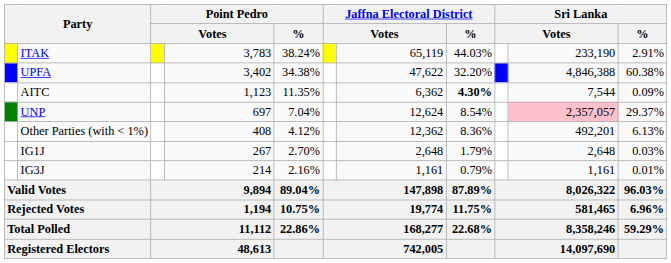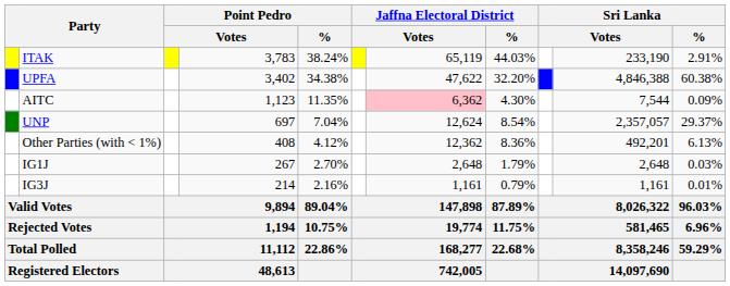 <table class="wikitable">
 <tr>
 <th colspan="2" width="144px"rowspan="2">Party</th>
 <th colspan="3" width="216px">Point Pedro</th>
 <th colspan="3" width="216px"><a href='#'>Jaffna Electoral District</a></th>
 <th colspan="3" width="216px">Sri Lanka</th>
 </tr>
 <tr>
 <th colspan="2" width="144px">Votes</th>
 <th>%</th>
 <th colspan="2" width="144px">Votes</th>
 <th>%</th>
 <th colspan="2" width="144px">Votes</th>
 <th>%</th>
 </tr>
 <tr>
 <td style="background-color:yellow;" width="10px"></td>
 <td style="text-align:left;"><a href='#'>ITAK</a></td>
 <td style="background-color:yellow;" width="10px"></td>
 <td style="text-align:right;">3,783</td>
 <td style="text-align:right;">38.24%</td>
 <td style="background-color:yellow;" width="10px"></td>
 <td style="text-align:right;">65,119</td>
 <td style="text-align:right;">44.03%</td>
 <td style="background-color:white;" width="10px"></td>
 <td style="text-align:right;">233,190</td>
 <td style="text-align:right;">2.91%</td>
 </tr>
 <tr>
 <td style="background-color:blue;" width="10px"></td>
 <td style="text-align:left;"><a href='#'>UPFA</a></td>
 <td style="background-color:white;" width="10px"></td>
 <td style="text-align:right;">3,402</td>
 <td style="text-align:right;">34.38%</td>
 <td style="background-color:white;" width="10px"></td>
 <td style="text-align:right;">47,622</td>
 <td style="text-align:right;">32.20%</td>
 <td style="background-color:blue;" width="10px"></td>
 <td style="text-align:right;">4,846,388</td>
 <td style="text-align:right;">60.38%</td>
 </tr>
 <tr>
 <td style="background-color:white;" width="10px"></td>
 <td style="text-align:left;">AITC</td>
 <td style="background-color:white;" width="10px"></td>
 <td style="text-align:right;">1,123</td>
 <td style="text-align:right;">11.35%</td>
 <td style="background-color:white;" width="10px"></td>
-<td style="text-align:right;">6,362</td>
-<td style="text-align:right;"><strong>4.30%</strong></td>
+<td style="background: pink; text-align:right;">6,362</td>
+<td style="text-align:right;">4.30%</td>
 <td style="background-color:white;" width="10px"></td>
 <td style="text-align:right;">7,544</td>
 <td style="text-align:right;">0.09%</td>
 </tr>
 <tr>
 <td style="background-color:green;" width="10px"></td>
 <td style="text-align:left;"><a href='#'>UNP</a></td>
 <td style="background-color:white;" width="10px"></td>
 <td style="text-align:right;">697</td>
 <td style="text-align:right;">7.04%</td>
 <td style="background-color:white;" width="10px"></td>
 <td style="text-align:right;">12,624</td>
 <td style="text-align:right;">8.54%</td>
 <td style="background-color:white;" width="10px"></td>
-<td style="background: pink; text-align:right;">2,357,057</td>
+<td style="text-align:right;">2,357,057</td>
 <td style="text-align:right;">29.37%</td>
 </tr>
 <tr>
 <td style="background-color:white;" width="10px"></td>
 <td style="text-align:left;">Other Parties (with < 1%)</td>
 <td style="background-color:white;" width="10px"></td>
 <td style="text-align:right;">408</td>
 <td style="text-align:right;">4.12%</td>
 <td style="background-color:white;" width="10px"></td>
 <td style="text-align:right;">12,362</td>
 <td style="text-align:right;">8.36%</td>
 <td style="background-color:white;" width="10px"></td>
 <td style="text-align:right;">492,201</td>
 <td style="text-align:right;">6.13%</td>
 </tr>
 <tr>
 <td style="background-color:white;" width="10px"></td>
 <td style="text-align:left;">IG1J</td>
 <td style="background-color:white;" width="10px"></td>
 <td style="text-align:right;">267</td>
 <td style="text-align:right;">2.70%</td>
 <td style="background-color:white;" width="10px"></td>
 <td style="text-align:right;">2,648</td>
 <td style="text-align:right;">1.79%</td>
 <td style="background-color:white;" width="10px"></td>
 <td style="text-align:right;">2,648</td>
 <td style="text-align:right;">0.03%</td>
 </tr>
 <tr>
 <td style="background-color:white;" width="10px"></td>
 <td style="text-align:left;">IG3J</td>
 <td style="background-color:white;" width="10px"></td>
 <td style="text-align:right;">214</td>
 <td style="text-align:right;">2.16%</td>
 <td style="background-color:white;" width="10px"></td>
 <td style="text-align:right;">1,161</td>
 <td style="text-align:right;">0.79%</td>
 <td style="background-color:white;" width="10px"></td>
 <td style="text-align:right;">1,161</td>
 <td style="text-align:right;">0.01%</td>
 </tr>
 <tr>
 <th colspan="2" width="144px"style="text-align:left;">Valid Votes</th>
 <th style="text-align:right;"colspan="2" width="144px">9,894</th>
 <th style="text-align:right;">89.04%</th>
 <th style="text-align:right;"colspan="2" width="144px">147,898</th>
 <th style="text-align:right;">87.89%</th>
 <th style="text-align:right;"colspan="2" width="144px">8,026,322</th>
 <th style="text-align:right;">96.03%</th>
 </tr>
 <tr>
 <th colspan="2" width="144px"style="text-align:left;">Rejected Votes</th>
 <th style="text-align:right;"colspan="2" width="144px">1,194</th>
 <th style="text-align:right;">10.75%</th>
 <th style="text-align:right;"colspan="2" width="144px">19,774</th>
 <th style="text-align:right;">11.75%</th>
 <th style="text-align:right;"colspan="2" width="144px">581,465</th>
 <th style="text-align:right;">6.96%</th>
 </tr>
 <tr>
 <th colspan="2" width="144px"style="text-align:left;">Total Polled</th>
 <th style="text-align:right;"colspan="2" width="144px">11,112</th>
 <th style="text-align:right;">22.86%</th>
 <th style="text-align:right;"colspan="2" width="144px">168,277</th>
 <th style="text-align:right;">22.68%</th>
 <th style="text-align:right;"colspan="2" width="144px">8,358,246</th>
 <th style="text-align:right;">59.29%</th>
 </tr>
 <tr>
 <th colspan="2" width="144px"style="text-align:left;">Registered Electors</th>
 <th style="text-align:right;"colspan="2" width="144px">48,613</th>
 <th></th>
 <th style="text-align:right;"colspan="2" width="144px">742,005</th>
 <th></th>
 <th style="text-align:right;"colspan="2" width="144px">14,097,690</th>
 <th></th>
 </tr>
 </table>
